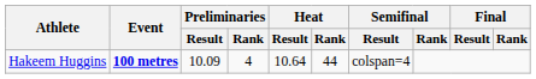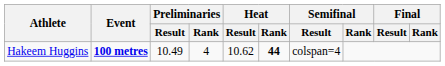 <table class=wikitable style=font-size:90%>
 <tr>
 <th rowspan=2>Athlete</th>
 <th rowspan=2>Event</th>
 <th colspan=2>Preliminaries</th>
 <th colspan=2>Heat</th>
 <th colspan=2>Semifinal</th>
 <th colspan=2>Final</th>
 </tr>
 <tr style=font-size:95%>
 <th>Result</th>
 <th>Rank</th>
 <th>Result</th>
 <th>Rank</th>
 <th>Result</th>
 <th>Rank</th>
 <th>Result</th>
 <th>Rank</th>
 </tr>
 <tr align=center>
 <td align=left><a href='#'>Hakeem Huggins</a></td>
 <td align=left><strong><a href='#'>100 metres</a></strong></td>
-<td>10.09</td>
+<td>10.49</td>
 <td>4</td>
-<td>10.64</td>
-<td>44</td>
+<td>10.62</td>
+<td><strong>44</strong></td>
 <td>colspan=4 </td>
 </tr>
 </table>
